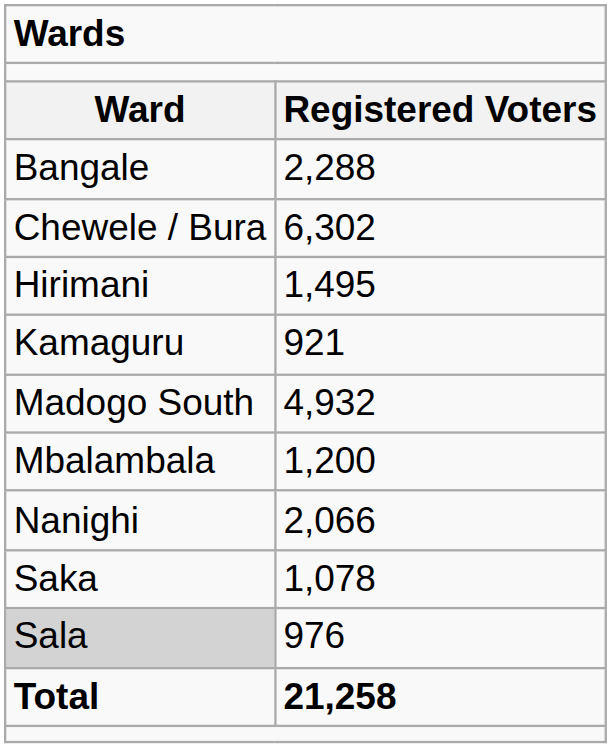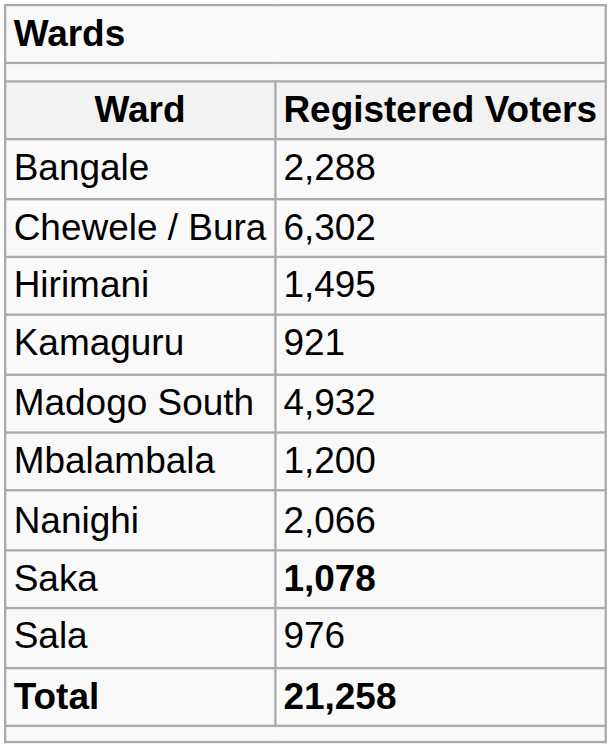 <table class="wikitable">
 <tr>
 <td colspan="2"><strong>Wards</strong></td>
 </tr>
 <tr>
 <td colspan="2"></td>
 </tr>
 <tr>
 <th>Ward</th>
 <th>Registered Voters</th>
 </tr>
 <tr>
 <td>Bangale</td>
 <td>2,288</td>
 </tr>
 <tr>
 <td>Chewele / Bura</td>
 <td>6,302</td>
 </tr>
 <tr>
 <td>Hirimani</td>
 <td>1,495</td>
 </tr>
 <tr>
 <td>Kamaguru</td>
 <td>921</td>
 </tr>
 <tr>
 <td>Madogo South</td>
 <td>4,932</td>
 </tr>
 <tr>
 <td>Mbalambala</td>
 <td>1,200</td>
 </tr>
 <tr>
 <td>Nanighi</td>
 <td>2,066</td>
 </tr>
 <tr>
 <td>Saka</td>
-<td>1,078</td>
+<td><strong>1,078</strong></td>
 </tr>
 <tr>
-<td style="background: lightgrey;">Sala</td>
+<td>Sala</td>
 <td>976</td>
 </tr>
 <tr>
 <td><strong>Total</strong></td>
 <td><strong>21,258</strong></td>
 </tr>
 <tr>
 <td colspan="2"></td>
 </tr>
 </table>
